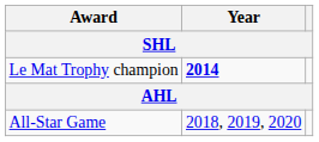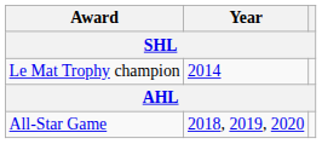 <table class="wikitable">
 <tr>
 <th>Award</th>
 <th>Year</th>
 <th></th>
 </tr>
 <tr>
 <th colspan="3"><a href='#'>SHL</a></th>
 </tr>
 <tr>
 <td><a href='#'>Le Mat Trophy</a> champion</td>
-<td><strong><a href='#'>2014</a></strong></td>
+<td><a href='#'>2014</a></td>
 <td></td>
 </tr>
 <tr>
 <th colspan="3"><a href='#'>AHL</a></th>
 </tr>
 <tr>
 <td><a href='#'>All-Star Game</a></td>
 <td><a href='#'>2018</a>, <a href='#'>2019</a>, <a href='#'>2020</a></td>
 <td></td>
 </tr>
 </table>
